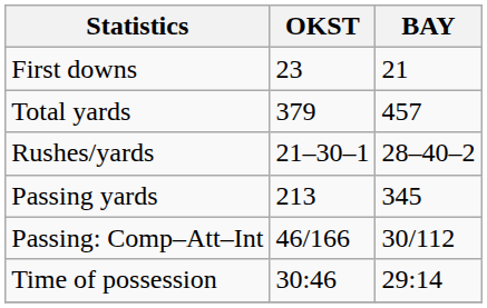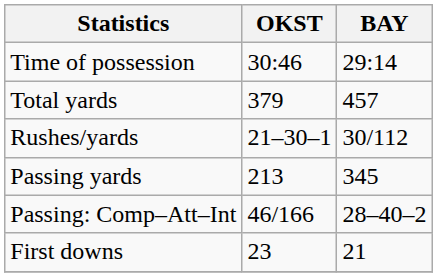 <table class="wikitable" style="float: left;">
 <tr>
 <th>Statistics</th>
 <th>OKST</th>
 <th>BAY</th>
 </tr>
 <tr>
-<td>First downs</td>
-<td>23</td>
-<td>21</td>
+<td>Time of possession</td>
+<td>30:46</td>
+<td>29:14</td>
 </tr>
 <tr>
 <td>Total yards</td>
 <td>379</td>
 <td>457</td>
 </tr>
 <tr>
 <td>Rushes/yards</td>
 <td>21–30–1</td>
-<td>28–40–2</td>
+<td>30/112</td>
 </tr>
 <tr>
 <td>Passing yards</td>
 <td>213</td>
 <td>345</td>
 </tr>
 <tr>
 <td>Passing: Comp–Att–Int</td>
 <td>46/166</td>
-<td>30/112</td>
+<td>28–40–2</td>
 </tr>
 <tr>
-<td>Time of possession</td>
-<td>30:46</td>
-<td>29:14</td>
+<td>First downs</td>
+<td>23</td>
+<td>21</td>
 </tr>
 <tr>
 </tr>
 </table>
